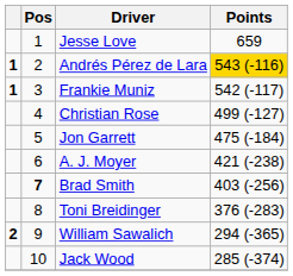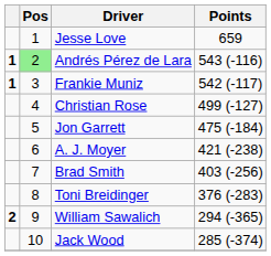 <table class="wikitable" style="font-size: 95%;">
 <tr>
 <th></th>
 <th>Pos</th>
 <th>Driver</th>
 <th>Points</th>
 </tr>
 <tr>
 <td align="left"></td>
 <td style="text-align:center;">1</td>
 <td><a href='#'>Jesse Love</a></td>
 <td style="text-align:center;">659</td>
 </tr>
 <tr>
 <td align="left"> <strong>1</strong></td>
-<td style="text-align:center;">2</td>
+<td style="background: lightgreen; text-align:center;">2</td>
 <td><a href='#'>Andrés Pérez de Lara</a></td>
-<td style="background: gold; text-align:center;">543 (-116)</td>
+<td style="text-align:center;">543 (-116)</td>
 </tr>
 <tr>
 <td align="left"> <strong>1</strong></td>
 <td style="text-align:center;">3</td>
 <td><a href='#'>Frankie Muniz</a></td>
 <td style="text-align:center;">542 (-117)</td>
 </tr>
 <tr>
 <td align="left"></td>
 <td style="text-align:center;">4</td>
 <td><a href='#'>Christian Rose</a></td>
 <td style="text-align:center;">499 (-127)</td>
 </tr>
 <tr>
 <td align="left"></td>
 <td style="text-align:center;">5</td>
 <td><a href='#'>Jon Garrett</a></td>
 <td style="text-align:center;">475 (-184)</td>
 </tr>
 <tr>
 <td align="left"></td>
 <td style="text-align:center;">6</td>
 <td><a href='#'>A. J. Moyer</a></td>
 <td style="text-align:center;">421 (-238)</td>
 </tr>
 <tr>
 <td align="left"></td>
-<td style="text-align:center;"><strong>7</strong></td>
+<td style="text-align:center;">7</td>
 <td><a href='#'>Brad Smith</a></td>
 <td style="text-align:center;">403 (-256)</td>
 </tr>
 <tr>
 <td align="left"></td>
 <td style="text-align:center;">8</td>
 <td><a href='#'>Toni Breidinger</a></td>
 <td style="text-align:center;">376 (-283)</td>
 </tr>
 <tr>
 <td align="left"> <strong>2</strong></td>
 <td style="text-align:center;">9</td>
 <td><a href='#'>William Sawalich</a></td>
 <td style="text-align:center;">294 (-365)</td>
 </tr>
 <tr>
 <td align="left"></td>
 <td style="text-align:center;">10</td>
 <td><a href='#'>Jack Wood</a></td>
 <td style="text-align:center;">285 (-374)</td>
 </tr>
 <tr class="sortbottom">
 </tr>
 </table>
